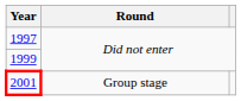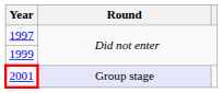 <table class="wikitable" style="text-align: center; font-size:90%">
 <tr>
 <th>Year</th>
 <th style="width:200px">Round</th>
 <th></th>
 </tr>
 <tr>
 <td><a href='#'>1997</a></td>
 <td colspan="2" rowspan="2"><em>Did not enter</em></td>
 </tr>
 <tr>
 <td><a href='#'>1999</a></td>
 </tr>
 <tr>
 <td style="border: 3px solid red"><a href='#'>2001</a></td>
-<td>Group stage</td>
+<td style="background: lavender;">Group stage</td>
 <td></td>
 </tr>
 </table>
